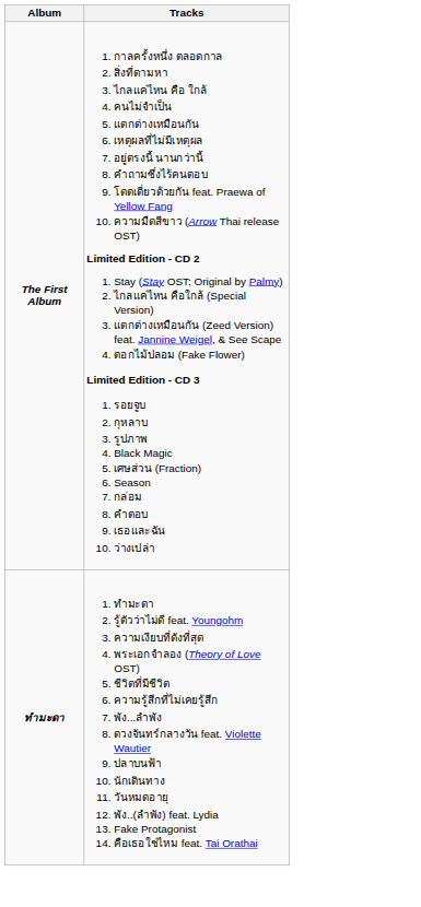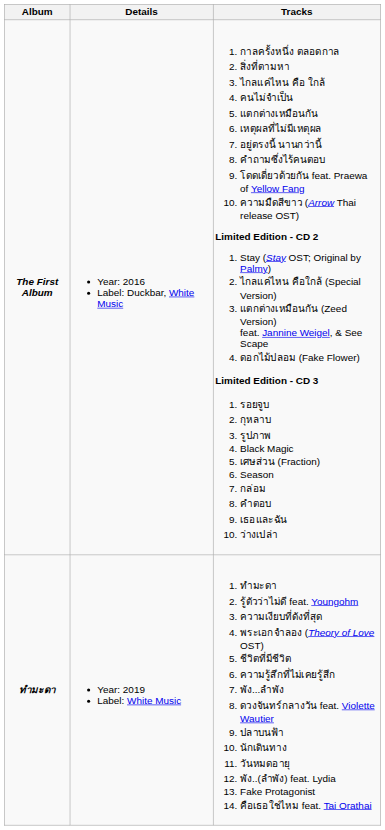 <table class="wikitable">
 <tr>
 <th width="110px">Album</th>
+<th width="250px">Details</th>
 <th width="295px">Tracks</th>
 </tr>
 <tr>
 <td align="center"><strong><em>The First Album</em></strong></td>
+<td><br><ul><li>Year: 2016</li><li>Label: Duckbar, <a href='#'>White Music</a></li></ul></td>
 <td><br><ol><li>กาลครั้งหนึ่ง ตลอดกาล</li><li>สิ่งที่ตามหา</li><li>ไกลแค่ไหน คือ ใกล้</li><li>คนไม่จำเป็น</li><li>แตกต่างเหมือนกัน</li><li>เหตุผลที่ไม่มีเหตุผล</li><li>อยู่ตรงนี้ นานกว่านี้</li><li>คำถามซึ่งไร้คนตอบ</li><li>โดดเดี่ยวด้วยกัน feat. Praewa of <a href='#'>Yellow Fang</a></li><li>ความมืดสีขาว (<em><a href='#'>Arrow</a></em> Thai release OST)</li></ol><div><strong>Limited Edition - CD 2</strong></div><ol><li>Stay (<em><a href='#'>Stay</a></em> OST; Original by <a href='#'>Palmy</a>)</li><li>ไกลแค่ไหน คือใกล้ (Special Version)</li><li>แตกต่างเหมือนกัน (Zeed Version)<br>feat. <a href='#'>Jannine Weigel</a>,  & See Scape</li><li>ดอกไม้ปลอม (Fake Flower)</li></ol><div><strong>Limited Edition - CD 3</strong></div><ol><li>รอยจูบ</li><li>กุหลาบ</li><li>รูปภาพ</li><li>Black Magic</li><li>เศษส่วน (Fraction)</li><li>Season</li><li>กล่อม</li><li>คำตอบ</li><li>เธอและฉัน</li><li>ว่างเปล่า</li></ol></td>
 </tr>
 <tr>
 <td align="center"><strong><em>ทำมะดา	</em></strong></td>
+<td><br><ul><li>Year: 2019</li><li>Label: <a href='#'>White Music</a></li></ul></td>
 <td><br><ol><li>ทำมะดา</li><li>รู้ตัวว่าไม่ดี feat. <a href='#'>Youngohm</a></li><li>ความเงียบที่ดังที่สุด</li><li>พระเอกจำลอง (<em><a href='#'>Theory of Love</a></em> OST)</li><li>ชีวิตที่มีชีวิต</li><li>ความรู้สึกที่ไม่เคยรู้สึก</li><li>พัง...ลำพัง</li><li>ดวงจันทร์กลางวัน feat. <a href='#'>Violette Wautier</a></li><li>ปลาบนฟ้า</li><li>นักเดินทาง</li><li>วันหมดอายุ</li><li>พัง..(ลำพัง) feat. Lydia</li><li>Fake Protagonist</li><li>คือเธอใช่ไหม feat. <a href='#'>Tai Orathai</a></li></ol></td>
 </tr>
 </table>
